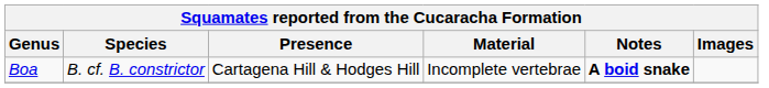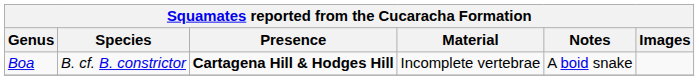 <table class="wikitable" align="center">
 <tr>
 <th colspan="6" align="center"><strong><a href='#'>Squamates</a> reported from the Cucaracha Formation</strong></th>
 </tr>
 <tr>
 <th>Genus</th>
 <th>Species</th>
 <th>Presence</th>
 <th><strong>Material</strong></th>
 <th>Notes</th>
 <th>Images</th>
 </tr>
 <tr>
 <td><em><a href='#'>Boa</a></em></td>
 <td><em>B. cf. <a href='#'>B. constrictor</a></em></td>
-<td>Cartagena Hill & Hodges Hill</td>
+<td><strong>Cartagena Hill & Hodges Hill</strong></td>
 <td>Incomplete vertebrae</td>
-<td><strong>A <a href='#'>boid</a> snake</strong></td>
+<td>A <a href='#'>boid</a> snake</td>
 <td></td>
 </tr>
 <tr>
 </tr>
 </table>
